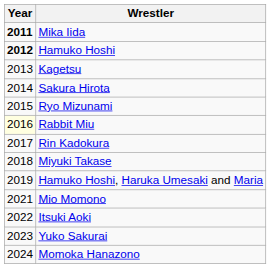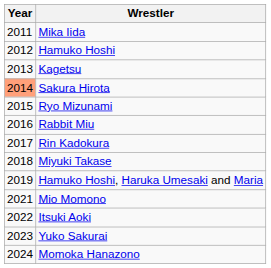 <table class="wikitable">
 <tr>
 <th>Year</th>
 <th>Wrestler</th>
 </tr>
 <tr>
-<td><strong>2011</strong></td>
+<td>2011</td>
 <td><a href='#'>Mika Iida</a></td>
 </tr>
 <tr>
-<td><strong>2012</strong></td>
+<td>2012</td>
 <td><a href='#'>Hamuko Hoshi</a></td>
 </tr>
 <tr>
 <td>2013</td>
 <td><a href='#'>Kagetsu</a></td>
 </tr>
 <tr>
-<td>2014</td>
+<td style="background: lightsalmon;">2014</td>
 <td><a href='#'>Sakura Hirota</a></td>
 </tr>
 <tr>
 <td>2015</td>
 <td><a href='#'>Ryo Mizunami</a></td>
 </tr>
 <tr>
-<td style="background: lightyellow;">2016</td>
+<td>2016</td>
 <td><a href='#'>Rabbit Miu</a></td>
 </tr>
 <tr>
 <td>2017</td>
 <td><a href='#'>Rin Kadokura</a></td>
 </tr>
 <tr>
 <td>2018</td>
 <td><a href='#'>Miyuki Takase</a></td>
 </tr>
 <tr>
 <td>2019</td>
 <td><a href='#'>Hamuko Hoshi</a>, <a href='#'>Haruka Umesaki</a> and <a href='#'>Maria</a></td>
 </tr>
 <tr>
 <td>2021</td>
 <td><a href='#'>Mio Momono</a></td>
 </tr>
 <tr>
 <td>2022</td>
 <td><a href='#'>Itsuki Aoki</a></td>
 </tr>
 <tr>
 <td>2023</td>
 <td><a href='#'>Yuko Sakurai</a></td>
 </tr>
 <tr>
 <td>2024</td>
 <td><a href='#'>Momoka Hanazono</a></td>
 </tr>
 </table>
